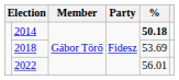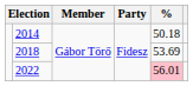 <table class=wikitable>
 <tr>
 <th colspan=2>Election</th>
 <th>Member</th>
 <th>Party</th>
 <th>%</th>
 <th></th>
 </tr>
 <tr>
 <td rowspan=3 bgcolor=></td>
 <td><a href='#'>2014</a></td>
 <td rowspan=3><a href='#'>Gábor Törő</a></td>
 <td rowspan=3><a href='#'>Fidesz</a></td>
-<td align=right><strong>50.18</strong></td>
+<td align=right>50.18</td>
 <td align=center></td>
 </tr>
 <tr>
 <td><a href='#'>2018</a></td>
 <td align=right>53.69</td>
 <td align=center></td>
 </tr>
 <tr>
 <td><a href='#'>2022</a></td>
-<td align=right>56.01</td>
+<td align=right style="background: pink;">56.01</td>
 <td align=center></td>
 </tr>
 </table>
